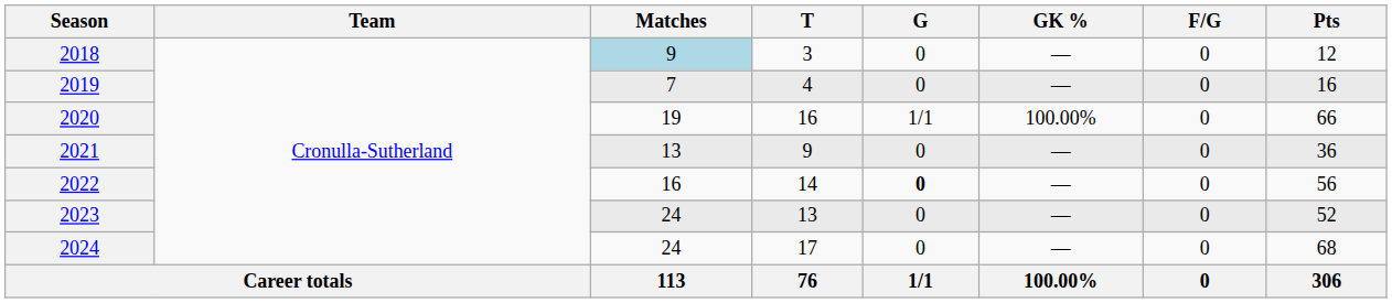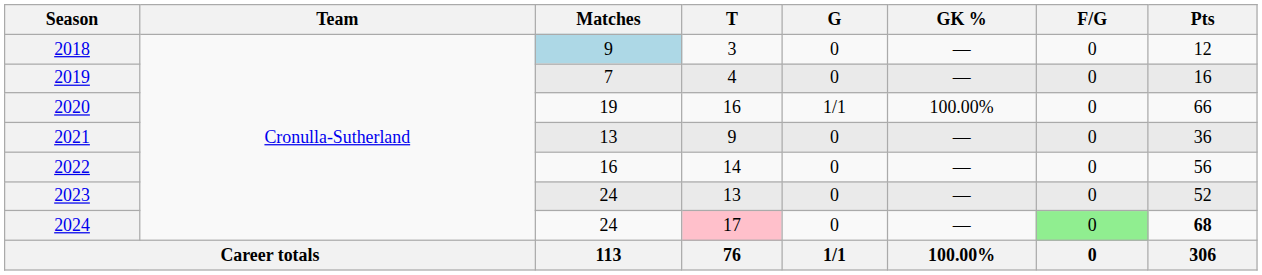 <table class="wikitable sortable"  style="font-size:90%; text-align:center; width:80%;">
 <tr>
 <th width=2%>Season</th>
 <th width=8%>Team</th>
 <th width=2%>Matches</th>
 <th width=2%>T</th>
 <th width=2%>G</th>
 <th width=2%>GK %</th>
 <th width=2%>F/G</th>
 <th width=2%>Pts</th>
 </tr>
 <tr>
 <th scope="row" style="text-align:center; font-weight:normal"><a href='#'>2018</a></th>
 <td rowspan="7" style="text-align:center;"> <a href='#'>Cronulla-Sutherland</a></td>
 <td style="background: lightblue;">9</td>
 <td>3</td>
 <td>0</td>
 <td>—</td>
 <td>0</td>
 <td>12</td>
 </tr>
 <tr style="background:#eaeaea;">
 <th scope="row" style="text-align:center; font-weight:normal"><a href='#'>2019</a></th>
 <td>7</td>
 <td>4</td>
 <td>0</td>
 <td>—</td>
 <td>0</td>
 <td>16</td>
 </tr>
 <tr>
 <th scope="row" style="text-align:center; font-weight:normal"><a href='#'>2020</a></th>
 <td>19</td>
 <td>16</td>
 <td>1/1</td>
 <td>100.00%</td>
 <td>0</td>
 <td>66</td>
 </tr>
 <tr style="background:#eaeaea;">
 <th scope="row" style="text-align:center; font-weight:normal"><a href='#'>2021</a></th>
 <td>13</td>
 <td>9</td>
 <td>0</td>
 <td>—</td>
 <td>0</td>
 <td>36</td>
 </tr>
 <tr>
 <th scope="row" style="text-align:center; font-weight:normal"><a href='#'>2022</a></th>
 <td>16</td>
 <td>14</td>
-<td><strong>0</strong></td>
+<td>0</td>
 <td>—</td>
 <td>0</td>
 <td>56</td>
 </tr>
 <tr style="background:#eaeaea;">
 <th scope="row" style="text-align:center; font-weight:normal"><a href='#'>2023</a></th>
 <td>24</td>
 <td>13</td>
 <td>0</td>
 <td>—</td>
 <td>0</td>
 <td>52</td>
 </tr>
 <tr>
 <th scope="row" style="text-align:center; font-weight:normal"><a href='#'>2024</a></th>
 <td>24</td>
-<td>17</td>
+<td style="background: pink;">17</td>
 <td>0</td>
 <td>—</td>
-<td>0</td>
-<td>68</td>
+<td style="background: lightgreen;">0</td>
+<td><strong>68</strong></td>
 </tr>
 <tr class="sortbottom">
 <th colspan="2">Career totals</th>
 <th>113</th>
 <th>76</th>
 <th>1/1</th>
 <th>100.00%</th>
 <th>0</th>
 <th>306</th>
 </tr>
 </table>
